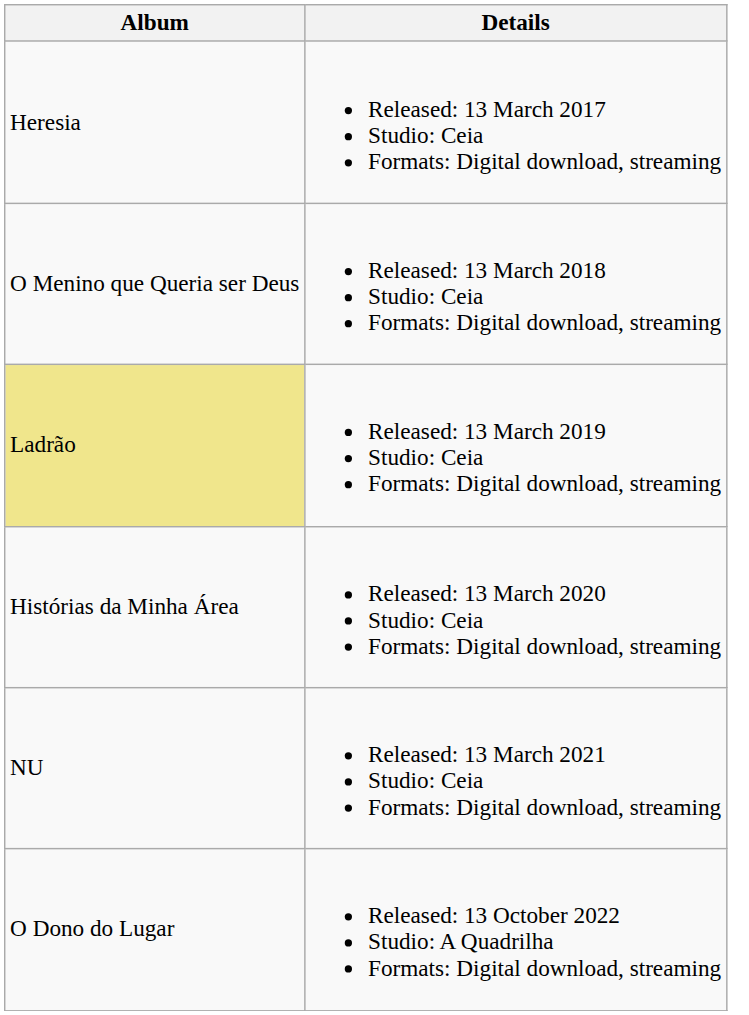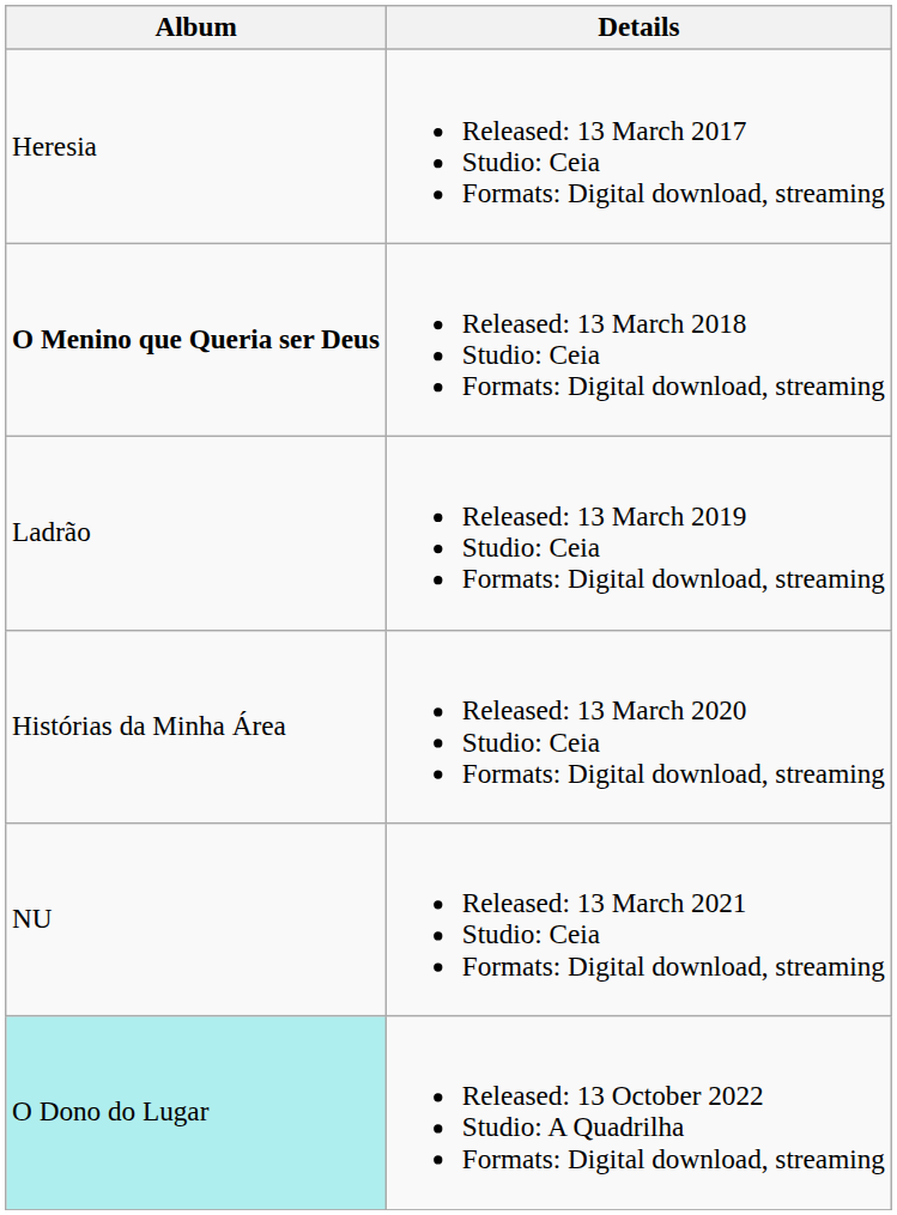 <table class="wikitable">
 <tr>
 <th>Album</th>
 <th>Details</th>
 </tr>
 <tr>
 <td>Heresia</td>
 <td><br><ul><li>Released: 13 March 2017</li><li>Studio: Ceia</li><li>Formats: Digital download, streaming</li></ul></td>
 </tr>
 <tr>
-<td>O Menino que Queria ser Deus</td>
+<td><strong>O Menino que Queria ser Deus</strong></td>
 <td><br><ul><li>Released: 13 March 2018</li><li>Studio: Ceia</li><li>Formats: Digital download, streaming</li></ul></td>
 </tr>
 <tr>
-<td style="background: khaki;">Ladrão</td>
+<td>Ladrão</td>
 <td><br><ul><li>Released: 13 March 2019</li><li>Studio: Ceia</li><li>Formats: Digital download, streaming</li></ul></td>
 </tr>
 <tr>
 <td>Histórias da Minha Área</td>
 <td><br><ul><li>Released: 13 March 2020</li><li>Studio: Ceia</li><li>Formats: Digital download, streaming</li></ul></td>
 </tr>
 <tr>
 <td>NU</td>
 <td><br><ul><li>Released: 13 March 2021</li><li>Studio: Ceia</li><li>Formats: Digital download, streaming</li></ul></td>
 </tr>
 <tr>
-<td>O Dono do Lugar</td>
+<td style="background: paleturquoise;">O Dono do Lugar</td>
 <td><br><ul><li>Released: 13 October 2022</li><li>Studio: A Quadrilha</li><li>Formats: Digital download, streaming</li></ul></td>
 </tr>
 <tr>
 </tr>
 </table>
